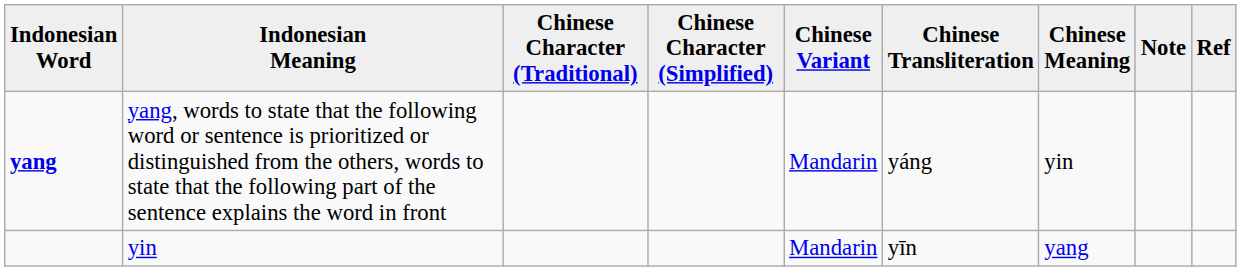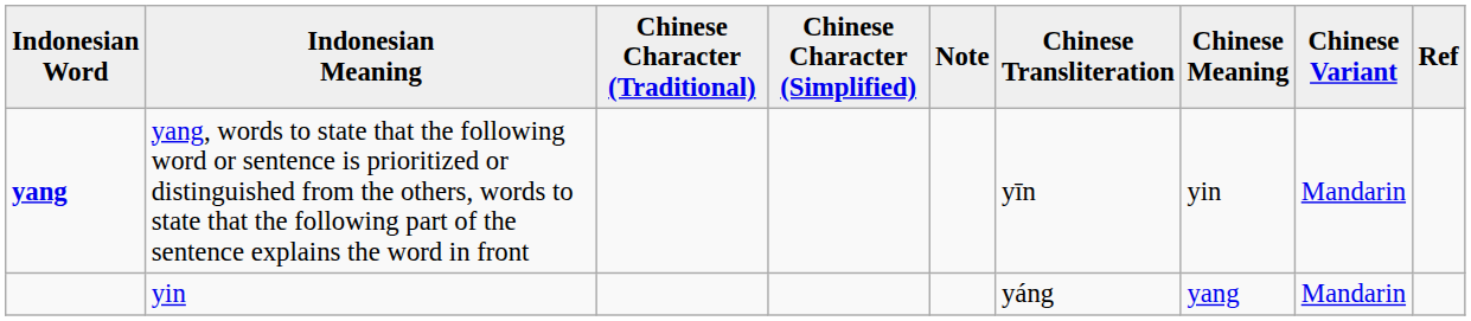 <table class="wikitable">
 <tr>
 <th style="background:#efefef;">Indonesian <br>Word</th>
 <th style="background:#efefef;">Indonesian <br>Meaning</th>
 <th style="background:#efefef;">Chinese Character <br><a href='#'>(Traditional)</a></th>
 <th style="background:#efefef;">Chinese Character <br><a href='#'>(Simplified)</a></th>
-<th style="background:#efefef;">Chinese <br><a href='#'>Variant</a></th>
+<th style="background:#efefef;">Note</th>
 <th style="background:#efefef;">Chinese <br>Transliteration</th>
 <th style="background:#efefef;">Chinese <br>Meaning</th>
-<th style="background:#efefef;">Note</th>
+<th style="background:#efefef;">Chinese <br><a href='#'>Variant</a></th>
 <th style="background:#efefef;">Ref</th>
 </tr>
 <tr>
 <td><strong><a href='#'>yang</a></strong></td>
 <td><a href='#'>yang</a>, words to state that the following word or sentence is prioritized or distinguished from the others, words to state that the following part of the sentence explains the word in front</td>
 <td></td>
 <td></td>
+<td></td>
+<td>yīn</td>
+<td>yin</td>
 <td><a href='#'>Mandarin</a></td>
-<td>yáng</td>
-<td>yin</td>
-<td></td>
 <td></td>
 </tr>
 <tr>
 <td></td>
 <td><a href='#'>yin</a></td>
 <td></td>
 <td></td>
+<td></td>
+<td>yáng</td>
+<td><a href='#'>yang</a></td>
 <td><a href='#'>Mandarin</a></td>
-<td>yīn</td>
-<td><a href='#'>yang</a></td>
-<td></td>
 <td></td>
 </tr>
 </table>
